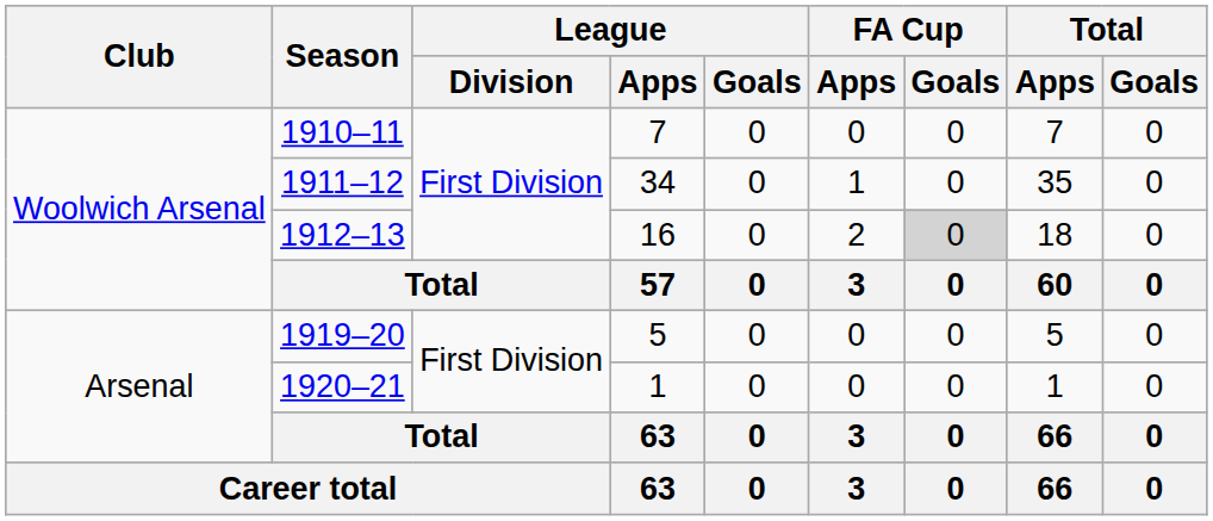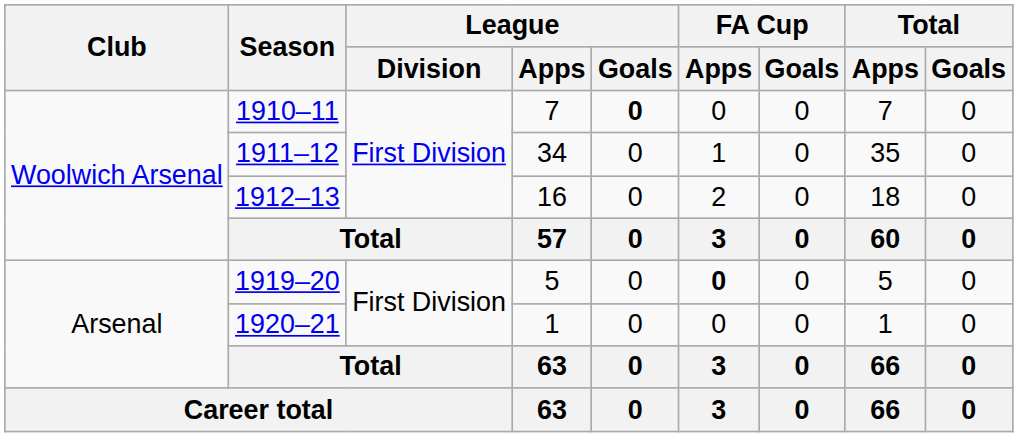 <table class="wikitable" style="text-align: center;">
 <tr>
 <th rowspan="2">Club</th>
 <th rowspan="2">Season</th>
 <th colspan="3">League</th>
 <th colspan="2">FA Cup</th>
 <th colspan="2">Total</th>
 </tr>
 <tr>
 <th>Division</th>
 <th>Apps</th>
 <th>Goals</th>
 <th>Apps</th>
 <th>Goals</th>
 <th>Apps</th>
 <th>Goals</th>
 </tr>
 <tr>
 <td rowspan="4"><a href='#'>Woolwich Arsenal</a></td>
 <td><a href='#'>1910–11</a></td>
 <td rowspan="3"><a href='#'>First Division</a></td>
 <td>7</td>
-<td>0</td>
+<td><strong>0</strong></td>
 <td>0</td>
 <td>0</td>
 <td>7</td>
 <td>0</td>
 </tr>
 <tr>
 <td><a href='#'>1911–12</a></td>
 <td>34</td>
 <td>0</td>
 <td>1</td>
 <td>0</td>
 <td>35</td>
 <td>0</td>
 </tr>
 <tr>
 <td><a href='#'>1912–13</a></td>
 <td>16</td>
 <td>0</td>
 <td>2</td>
-<td style="background: lightgrey;">0</td>
+<td>0</td>
 <td>18</td>
 <td>0</td>
 </tr>
 <tr>
 <th colspan="2">Total</th>
 <th>57</th>
 <th>0</th>
 <th>3</th>
 <th>0</th>
 <th>60</th>
 <th>0</th>
 </tr>
 <tr>
 <td rowspan="3">Arsenal</td>
 <td><a href='#'>1919–20</a></td>
 <td rowspan="2">First Division</td>
 <td>5</td>
 <td>0</td>
-<td>0</td>
+<td><strong>0</strong></td>
 <td>0</td>
 <td>5</td>
 <td>0</td>
 </tr>
 <tr>
 <td><a href='#'>1920–21</a></td>
 <td>1</td>
 <td>0</td>
 <td>0</td>
 <td>0</td>
 <td>1</td>
 <td>0</td>
 </tr>
 <tr>
 <th colspan="2">Total</th>
 <th>63</th>
 <th>0</th>
 <th>3</th>
 <th>0</th>
 <th>66</th>
 <th>0</th>
 </tr>
 <tr>
 <th colspan="3">Career total</th>
 <th>63</th>
 <th>0</th>
 <th>3</th>
 <th>0</th>
 <th>66</th>
 <th>0</th>
 </tr>
 </table>
